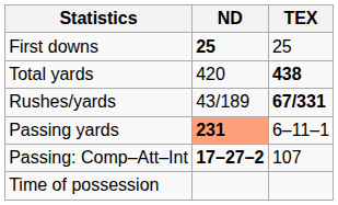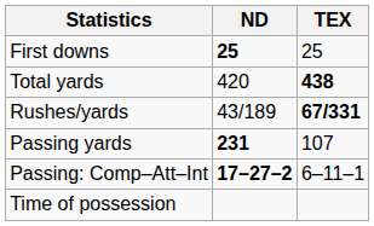 <table class="wikitable" style="float: left;">
 <tr>
 <th>Statistics</th>
 <th>ND</th>
 <th>TEX</th>
 </tr>
 <tr>
 <td>First downs</td>
 <td><strong>25</strong></td>
 <td>25</td>
 </tr>
 <tr>
 <td>Total yards</td>
 <td>420</td>
 <td><strong>438</strong></td>
 </tr>
 <tr>
 <td>Rushes/yards</td>
 <td>43/189</td>
 <td><strong>67/331</strong></td>
 </tr>
 <tr>
 <td>Passing yards</td>
-<td style="background: lightsalmon;"><strong>231</strong></td>
-<td>6–11–1</td>
+<td><strong>231</strong></td>
+<td>107</td>
 </tr>
 <tr>
 <td>Passing: Comp–Att–Int</td>
 <td><strong>17–27–2</strong></td>
-<td>107</td>
+<td>6–11–1</td>
 </tr>
 <tr>
 <td>Time of possession</td>
 <td></td>
 <td></td>
 </tr>
 <tr>
 </tr>
 </table>
